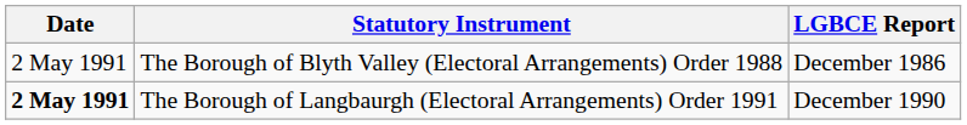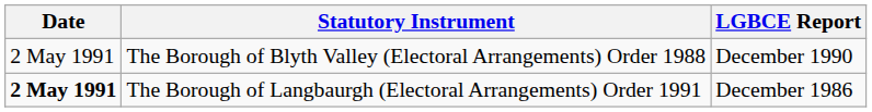 <table class="wikitable sortable">
 <tr>
 <th>Date</th>
 <th><a href='#'>Statutory Instrument</a></th>
 <th><a href='#'>LGBCE</a> Report</th>
 </tr>
 <tr>
 <td>2 May 1991</td>
 <td>The Borough of Blyth Valley (Electoral Arrangements) Order 1988</td>
-<td> December 1986</td>
+<td> December 1990</td>
 </tr>
 <tr>
 <td><strong>2 May 1991</strong></td>
 <td>The Borough of Langbaurgh (Electoral Arrangements) Order 1991</td>
-<td> December 1990</td>
+<td> December 1986</td>
 </tr>
 </table>
